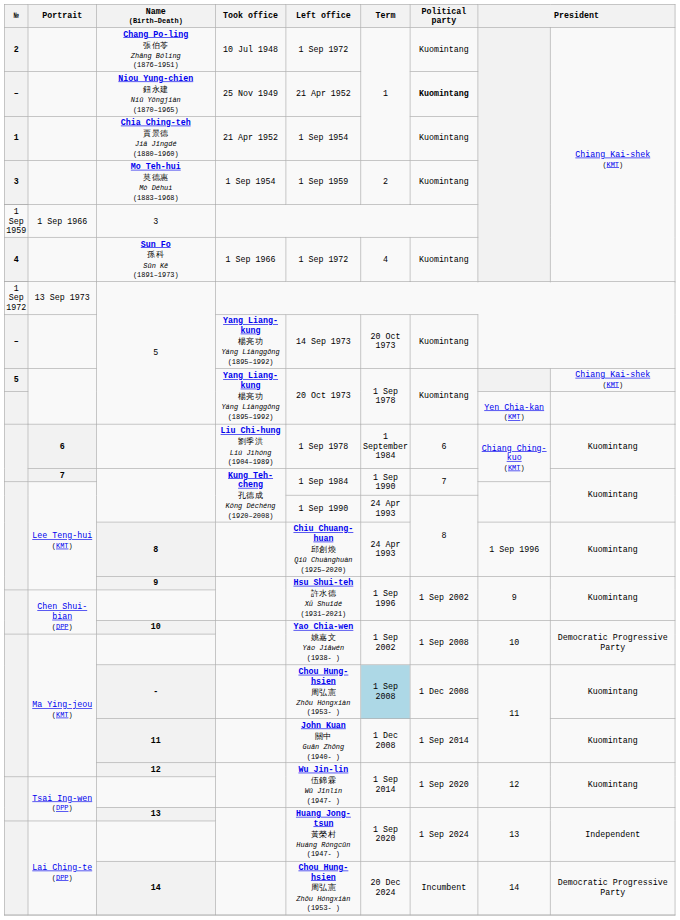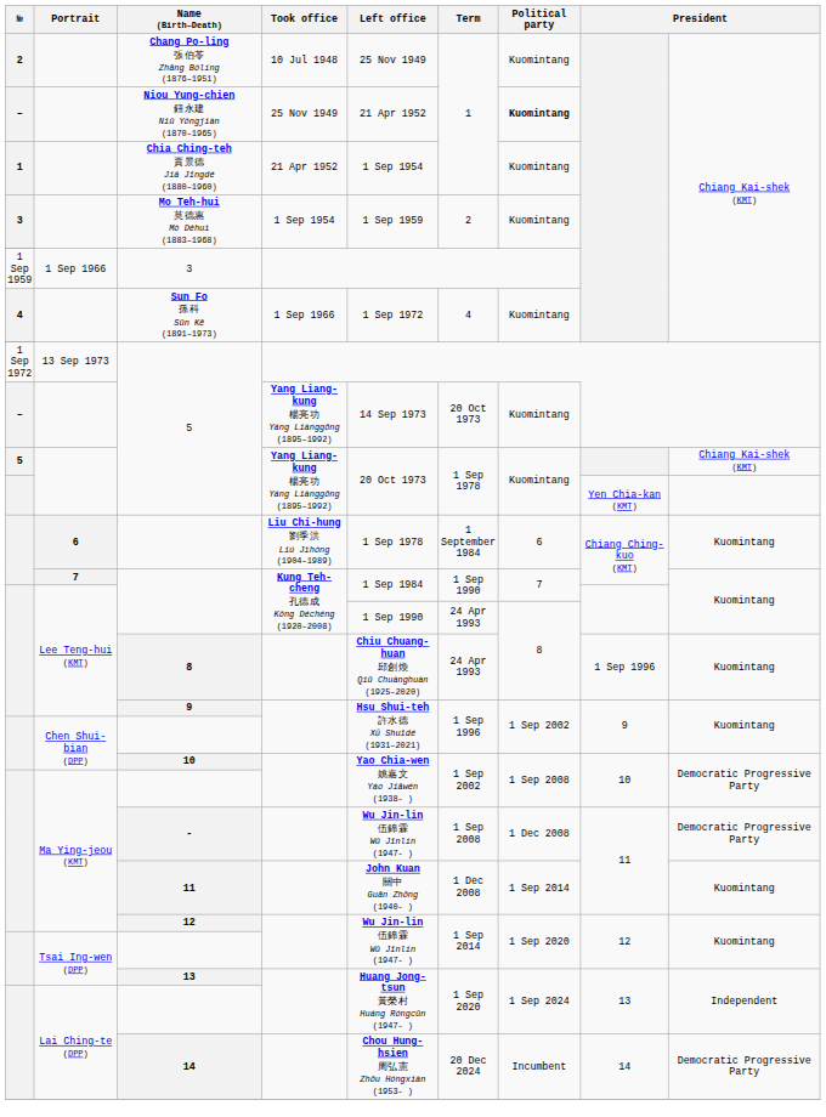 <table class="wikitable"  style="text-align:center"  width="83%">
 <tr>
 <th style="width:25px;">№</th>
 <th style="width:100px;">Portrait</th>
 <th width=180px>Name<br><small>(Birth–Death)</small></th>
 <th>Took office</th>
 <th>Left office</th>
 <th style="width:25px;">Term</th>
 <th style="width:100px;">Political party</th>
 <th colspan=2 width="width:200px">President</th>
 </tr>
 <tr ->
 <th style="background:">2</th>
 <td align=center></td>
 <td align=center><strong><a href='#'>Chang Po-ling</a></strong><br><span>張伯苓</span><br><small><em>Zhāng Bólíng</em><br>(1876–1951)</small></td>
 <td>10 Jul 1948</td>
-<td>1 Sep 1972</td>
+<td>25 Nov 1949</td>
 <td rowspan=3>1</td>
 <td>Kuomintang</td>
 <th rowspan=8 style="background:"></th>
 <td rowspan=8><br><a href='#'>Chiang Kai-shek</a><br><small>(<a href='#'>KMT</a>)</small></td>
 </tr>
 <tr ->
 <th style="background:">–</th>
 <td align=center></td>
 <td align=center><strong><a href='#'>Niou Yung-chien</a></strong><br><span>鈕永建</span><br><small><em>Niǔ Yǒngjiàn</em><br>(1870–1965)</small></td>
 <td>25 Nov 1949</td>
 <td>21 Apr 1952</td>
 <td><strong>Kuomintang</strong></td>
 </tr>
 <tr ->
 <th style="background:">1</th>
 <td align=center></td>
 <td align=center><strong><a href='#'>Chia Ching-teh</a></strong><br><span>賈景德</span><br><small><em>Jiǎ Jǐngdé</em><br>(1880–1960)</small></td>
 <td>21 Apr 1952</td>
 <td>1 Sep 1954</td>
 <td>Kuomintang</td>
 </tr>
 <tr ->
 <th style="background:">3</th>
 <td rowspan=2 align=center></td>
 <td rowspan=2 align=center><strong><a href='#'>Mo Teh-hui</a></strong><br><span>莫德惠</span><br><small><em>Mò Déhuì</em><br>(1883–1968)</small></td>
 <td>1 Sep 1954</td>
 <td>1 Sep 1959</td>
 <td>2</td>
 <td rowspan=2>Kuomintang</td>
 </tr>
 <tr>
 </tr>
 <tr>
 <td>1 Sep 1959</td>
 <td>1 Sep 1966</td>
 <td>3</td>
 </tr>
 <tr ->
 <th style="background:">4</th>
 <td rowspan=2 align=center></td>
 <td rowspan=2 align=center><strong><a href='#'>Sun Fo</a></strong><br><span>孫科</span><br><small><em>Sūn Kē</em><br>(1891–1973)</small></td>
 <td>1 Sep 1966</td>
 <td>1 Sep 1972</td>
 <td>4</td>
 <td rowspan=2>Kuomintang</td>
 </tr>
 <tr>
 </tr>
 <tr>
 <td>1 Sep 1972</td>
 <td>13 Sep 1973</td>
 <td rowspan=5>5</td>
 </tr>
 <tr ->
 <th style="background:">–</th>
 <td align=center></td>
 <td align=center><strong><a href='#'>Yang Liang-kung</a></strong><br><span>楊亮功</span><br><small><em>Yáng Liànggōng</em><br>(1895–1992)</small></td>
 <td>14 Sep 1973</td>
 <td>20 Oct 1973</td>
 <td>Kuomintang</td>
 </tr>
 <tr ->
 <th style="background:">5</th>
 <td rowspan=3 align=center></td>
 <td rowspan=3 align=center><strong><a href='#'>Yang Liang-kung</a></strong><br><span>楊亮功</span><br><small><em>Yáng Liànggōng</em><br>(1895–1992)</small></td>
 <td rowspan=3>20 Oct 1973</td>
 <td rowspan=3>1 Sep 1978</td>
 <td rowspan=3>Kuomintang</td>
 <th style="background:"></th>
 <td><a href='#'>Chiang Kai-shek</a><br><small>(<a href='#'>KMT</a>)</small></td>
 </tr>
 <tr>
 <th style="background:"></th>
 <td><br><a href='#'>Yen Chia-kan</a><br><small>(<a href='#'>KMT</a>)</small></td>
 </tr>
 <tr>
 <th rowspan=3 style="background:"></th>
 <td rowspan=3><br><a href='#'>Chiang Ching-kuo</a><br><small>(<a href='#'>KMT</a>)</small></td>
 </tr>
 <tr ->
 <th style="background:">6</th>
 <td align=center></td>
 <td align=center><strong><a href='#'>Liu Chi-hung</a></strong><br><span>劉季洪</span><br><small><em>Liú Jìhóng</em><br>(1904–1989)</small></td>
 <td>1 Sep 1978</td>
 <td>1 September 1984</td>
 <td>6</td>
 <td>Kuomintang</td>
 </tr>
 <tr ->
 <th style="background:">7</th>
 <td rowspan=3 align=center></td>
 <td rowspan=3 align=center><strong><a href='#'>Kung Teh-cheng</a></strong><br><span>孔德成</span><br><small><em>Kǒng Déchéng</em><br>(1920–2008)</small></td>
 <td rowspan=2>1 Sep 1984</td>
 <td rowspan=2>1 Sep 1990</td>
 <td rowspan=2>7</td>
 <td rowspan=3>Kuomintang</td>
 </tr>
 <tr>
 <th rowspan=4 style="background:"></th>
 <td rowspan=4><br><a href='#'>Lee Teng-hui</a><br><small>(<a href='#'>KMT</a>)</small></td>
 </tr>
 <tr>
 <td>1 Sep 1990</td>
 <td>24 Apr 1993</td>
 <td rowspan=2>8</td>
 </tr>
 <tr ->
 <th style="background:">8</th>
 <td align=center></td>
 <td align=center><strong><a href='#'>Chiu Chuang-huan</a></strong><br><span>邱創煥</span><br><small><em>Qiū Chuànghuàn</em><br>(1925–2020)</small></td>
 <td>24 Apr 1993</td>
 <td>1 Sep 1996</td>
 <td>Kuomintang</td>
 </tr>
 <tr ->
 <th style="background:">9</th>
 <td rowspan=2 align=center></td>
 <td rowspan=2 align=center><strong><a href='#'>Hsu Shui-teh</a></strong><br><span>許水德</span><br><small><em>Xǚ Shuǐdé</em><br>(1931–2021)</small></td>
 <td rowspan=2>1 Sep 1996</td>
 <td rowspan=2>1 Sep 2002</td>
 <td rowspan=2>9</td>
 <td rowspan=2>Kuomintang</td>
 </tr>
 <tr>
 <th rowspan=2 style="background:"></th>
 <td rowspan=2><br><a href='#'>Chen Shui-bian</a><br><small>(<a href='#'>DPP</a>)</small><br></td>
 </tr>
 <tr ->
 <th style="background:">10</th>
 <td rowspan=2 align=center></td>
 <td rowspan=2 align=center><strong><a href='#'>Yao Chia-wen</a></strong><br><span>姚嘉文</span><br><small><em>Yáo Jiāwén</em><br>(1938- )</small></td>
 <td rowspan=2>1 Sep 2002</td>
 <td rowspan=2>1 Sep 2008</td>
 <td rowspan=2>10</td>
 <td rowspan=2>Democratic Progressive Party</td>
 </tr>
 <tr>
 <th rowspan=4 style="background:"></th>
 <td rowspan=4><br><a href='#'>Ma Ying-jeou</a><br><small>(<a href='#'>KMT</a>)</small></td>
 </tr>
 <tr ->
 <th style="background:">-</th>
 <td align=center></td>
-<td><strong><a href='#'>Chou Hung-hsien</a></strong><br><span>周弘憲</span><br><small><em>Zhōu Hóngxiàn</em><br>(1953- )</small></td>
-<td style="background: lightblue;">1 Sep 2008</td>
+<td align=center><strong><a href='#'>Wu Jin-lin</a></strong><br><span>伍錦霖</span><br><small><em>Wǔ Jǐnlín</em><br>(1947- )</small></td>
+<td>1 Sep 2008</td>
 <td>1 Dec 2008</td>
 <td rowspan=2>11</td>
-<td>Kuomintang</td>
+<td>Democratic Progressive Party</td>
 </tr>
 <tr ->
 <th style="background:">11</th>
 <td align=center></td>
 <td align=center><strong><a href='#'>John Kuan</a></strong><br><span>關中</span><br><small><em>Guān Zhōng</em><br>(1940- )</small></td>
 <td>1 Dec 2008</td>
 <td>1 Sep 2014</td>
 <td>Kuomintang</td>
 </tr>
 <tr ->
 <th style="background:">12</th>
 <td rowspan=2 align=center></td>
 <td rowspan=2 align=center><strong><a href='#'>Wu Jin-lin</a></strong><br><span>伍錦霖</span><br><small><em>Wǔ Jǐnlín</em><br>(1947- )</small></td>
 <td rowspan=2>1 Sep 2014</td>
 <td rowspan=2>1 Sep 2020</td>
 <td rowspan=2>12</td>
 <td rowspan=2>Kuomintang</td>
 </tr>
 <tr>
 <th rowspan=2 style="background:"></th>
 <td rowspan=2><br><a href='#'>Tsai Ing-wen</a><br><small>(<a href='#'>DPP</a>)</small></td>
 </tr>
 <tr ->
 <th style="background:">13</th>
 <td rowspan=2 align=center></td>
 <td rowspan=2 align=center><strong><a href='#'>Huang Jong-tsun</a></strong><br><span>黃榮村</span><br><small><em>Huáng Róngcūn</em><br>(1947- )</small></td>
 <td rowspan=2>1 Sep 2020</td>
 <td rowspan=2>1 Sep 2024</td>
 <td rowspan=2>13</td>
 <td rowspan=2>Independent</td>
 </tr>
 <tr>
 <th rowspan=2 style="background:"></th>
 <td rowspan=2><br><a href='#'>Lai Ching-te</a><br><small>(<a href='#'>DPP</a>)</small></td>
 </tr>
 <tr ->
 <th style="background:">14</th>
 <td></td>
 <td><strong><a href='#'>Chou Hung-hsien</a></strong><br><span>周弘憲</span><br><small><em>Zhōu Hóngxiàn</em><br>(1953- )</small></td>
 <td>20 Dec 2024</td>
 <td>Incumbent</td>
 <td>14</td>
 <td>Democratic Progressive Party</td>
 </tr>
 <tr>
 </tr>
 </table>
